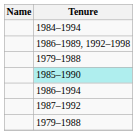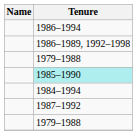 <table class="wikitable sortable collapsible collapsed">
 <tr>
 <th>Name</th>
 <th>Tenure</th>
 </tr>
 <tr>
 <td></td>
-<td>1984–1994</td>
+<td>1986–1994</td>
 </tr>
 <tr>
 <td></td>
 <td>1986–1989, 1992–1998</td>
 </tr>
 <tr>
 <td></td>
 <td>1979–1988</td>
 </tr>
 <tr>
 <td></td>
 <td style="background: paleturquoise;">1985–1990</td>
 </tr>
 <tr>
 <td></td>
-<td>1986–1994</td>
+<td>1984–1994</td>
 </tr>
 <tr>
 <td></td>
 <td>1987–1992</td>
 </tr>
 <tr>
 <td></td>
 <td>1979–1988</td>
 </tr>
 <tr>
 </tr>
 </table>
